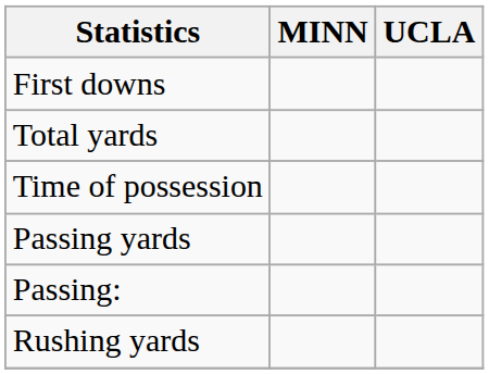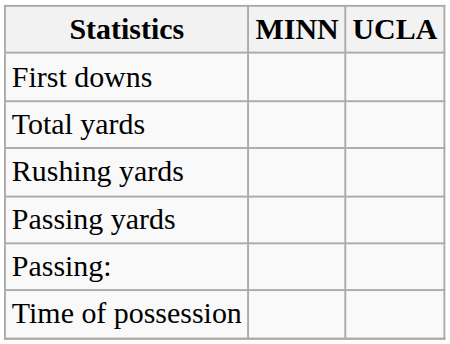 <table class="wikitable" style="float: left;">
 <tr>
 <th>Statistics</th>
 <th>MINN</th>
 <th>UCLA</th>
 </tr>
 <tr>
 <td>First downs</td>
 <td></td>
 <td></td>
 </tr>
 <tr>
 <td>Total yards</td>
 <td></td>
 <td></td>
 </tr>
 <tr>
-<td>Time of possession</td>
+<td>Rushing yards</td>
 <td></td>
 <td></td>
 </tr>
 <tr>
 <td>Passing yards</td>
 <td></td>
 <td></td>
 </tr>
 <tr>
 <td>Passing:</td>
 <td></td>
 <td></td>
 </tr>
 <tr>
-<td>Rushing yards</td>
+<td>Time of possession</td>
 <td></td>
 <td></td>
 </tr>
 <tr>
 </tr>
 </table>
